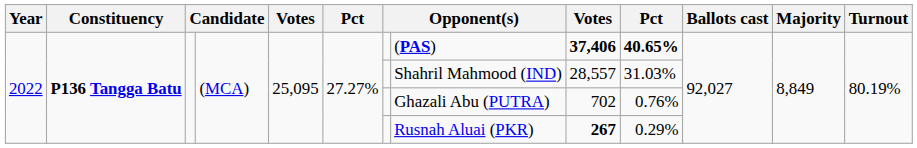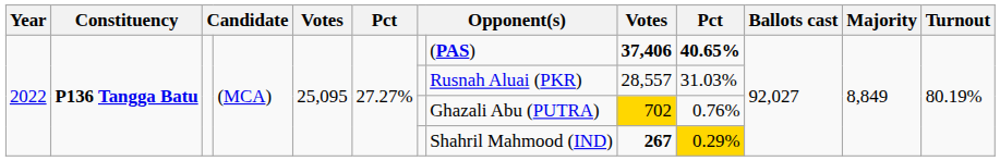 <table class="wikitable" style="margin:0.5em ; font-size:95%">
 <tr>
 <th>Year</th>
 <th>Constituency</th>
 <th colspan=2>Candidate</th>
 <th>Votes</th>
 <th>Pct</th>
 <th colspan=2>Opponent(s)</th>
 <th>Votes</th>
 <th>Pct</th>
 <th>Ballots cast</th>
 <th>Majority</th>
 <th>Turnout</th>
 </tr>
 <tr>
 <td rowspan="4"><a href='#'>2022</a></td>
 <td rowspan="4"><strong>P136 <a href='#'>Tangga Batu</a></strong></td>
 <td rowspan="4" ></td>
 <td rowspan="4"> (<a href='#'>MCA</a>)</td>
 <td rowspan="4" align="right">25,095</td>
 <td rowspan="4">27.27%</td>
 <td bgcolor=></td>
 <td> (<a href='#'><strong>PAS</strong></a>)</td>
 <td><strong>37,406</strong></td>
 <td align="right"><strong>40.65%</strong></td>
 <td rowspan="4">92,027</td>
 <td rowspan="4">8,849</td>
 <td rowspan="4">80.19%</td>
 </tr>
 <tr>
 <td></td>
-<td>Shahril Mahmood (<a href='#'>IND</a>)</td>
+<td><a href='#'>Rusnah Aluai</a> (<a href='#'>PKR</a>)</td>
 <td align="right">28,557</td>
 <td>31.03%</td>
 </tr>
 <tr>
 <td bgcolor=></td>
 <td>Ghazali Abu (<a href='#'>PUTRA</a>)</td>
-<td align=right>702</td>
+<td align=right style="background: gold;">702</td>
 <td align="right">0.76%</td>
 </tr>
 <tr>
 <td></td>
-<td><a href='#'>Rusnah Aluai</a> (<a href='#'>PKR</a>)</td>
+<td>Shahril Mahmood (<a href='#'>IND</a>)</td>
 <td align=right><strong>267</strong></td>
-<td align="right">0.29%</td>
+<td align="right" style="background: gold;">0.29%</td>
 </tr>
 </table>
